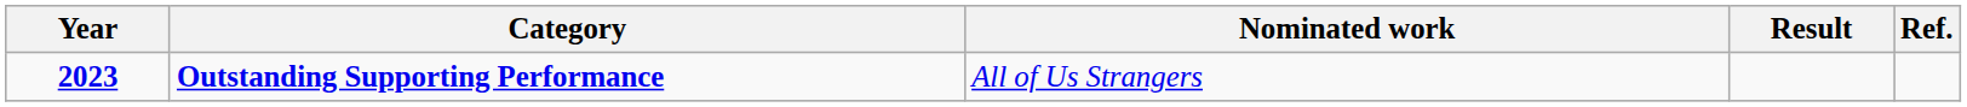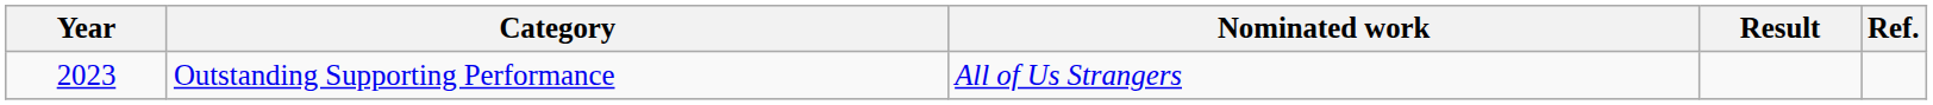 <table class=wikitable>
 <tr>
 <th scope="col" style="width:5em;">Year</th>
 <th scope="col" style="width:26em;">Category</th>
 <th scope="col" style="width:25em;">Nominated work</th>
 <th scope="col" style="width:5em;">Result</th>
 <th>Ref.</th>
 </tr>
 <tr>
-<td style="text-align:center;"><strong><a href='#'>2023</a></strong></td>
-<td><strong><a href='#'>Outstanding Supporting Performance</a></strong></td>
+<td style="text-align:center;"><a href='#'>2023</a></td>
+<td><a href='#'>Outstanding Supporting Performance</a></td>
 <td><em><a href='#'>All of Us Strangers</a></em></td>
 <td></td>
 <td style="text-align:center;"></td>
 </tr>
 </table>
